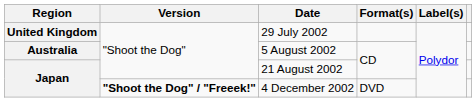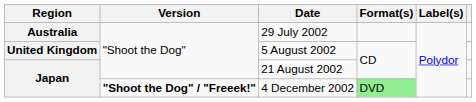 <table class="wikitable plainrowheaders">
 <tr>
 <th scope="col">Region</th>
 <th scope="col">Version</th>
 <th scope="col">Date</th>
 <th scope="col">Format(s)</th>
 <th scope="col">Label(s)</th>
 <th scope="col"></th>
 </tr>
 <tr>
-<th scope="row">United Kingdom</th>
+<th scope="row">Australia</th>
 <td rowspan="3">"Shoot the Dog"</td>
 <td>29 July 2002</td>
 <td></td>
 <td rowspan="4"><a href='#'>Polydor</a></td>
 <td></td>
 </tr>
 <tr>
-<th scope="row">Australia</th>
+<th scope="row">United Kingdom</th>
 <td>5 August 2002</td>
 <td rowspan="2">CD</td>
 <td></td>
 </tr>
 <tr>
 <th scope="row" rowspan="2">Japan</th>
 <td>21 August 2002</td>
 <td></td>
 </tr>
 <tr>
 <td><strong>"Shoot the Dog" / "Freeek!"</strong></td>
 <td>4 December 2002</td>
-<td>DVD</td>
+<td style="background: lightgreen;">DVD</td>
 <td></td>
 </tr>
 </table>
